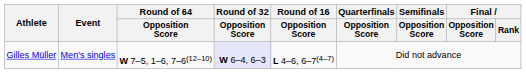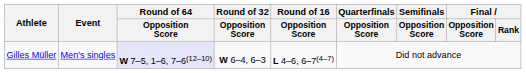 <table class=wikitable style="font-size:90%">
 <tr>
 <th rowspan="2">Athlete</th>
 <th rowspan="2">Event</th>
 <th>Round of 64</th>
 <th>Round of 32</th>
 <th>Round of 16</th>
 <th>Quarterfinals</th>
 <th>Semifinals</th>
 <th colspan=2>Final / </th>
 </tr>
 <tr style="font-size:95%">
 <th>Opposition<br>Score</th>
 <th>Opposition<br>Score</th>
 <th>Opposition<br>Score</th>
 <th>Opposition<br>Score</th>
 <th>Opposition<br>Score</th>
 <th>Opposition<br>Score</th>
 <th>Rank</th>
 </tr>
 <tr align=center>
 <td align=left><a href='#'>Gilles Müller</a></td>
 <td align=left><a href='#'>Men's singles</a></td>
-<td><br><strong>W</strong> 7–5, 1–6, 7–6<sup>(12–10)</sup></td>
-<td style="background: lavender;"><br><strong>W</strong> 6–4, 6–3</td>
+<td style="background: lavender;"><br><strong>W</strong> 7–5, 1–6, 7–6<sup>(12–10)</sup></td>
+<td><br><strong>W</strong> 6–4, 6–3</td>
 <td><br><strong>L</strong> 4–6, 6–7<sup>(4–7)</sup></td>
 <td colspan=4>Did not advance</td>
 </tr>
 </table>
